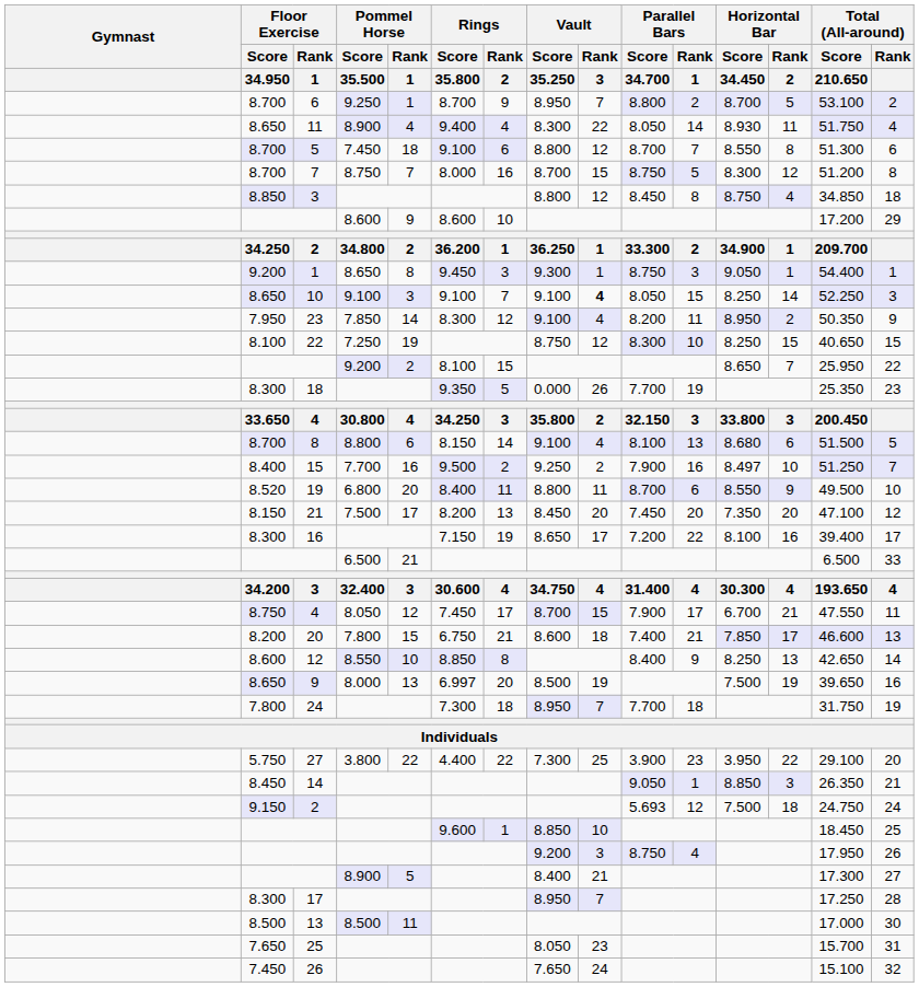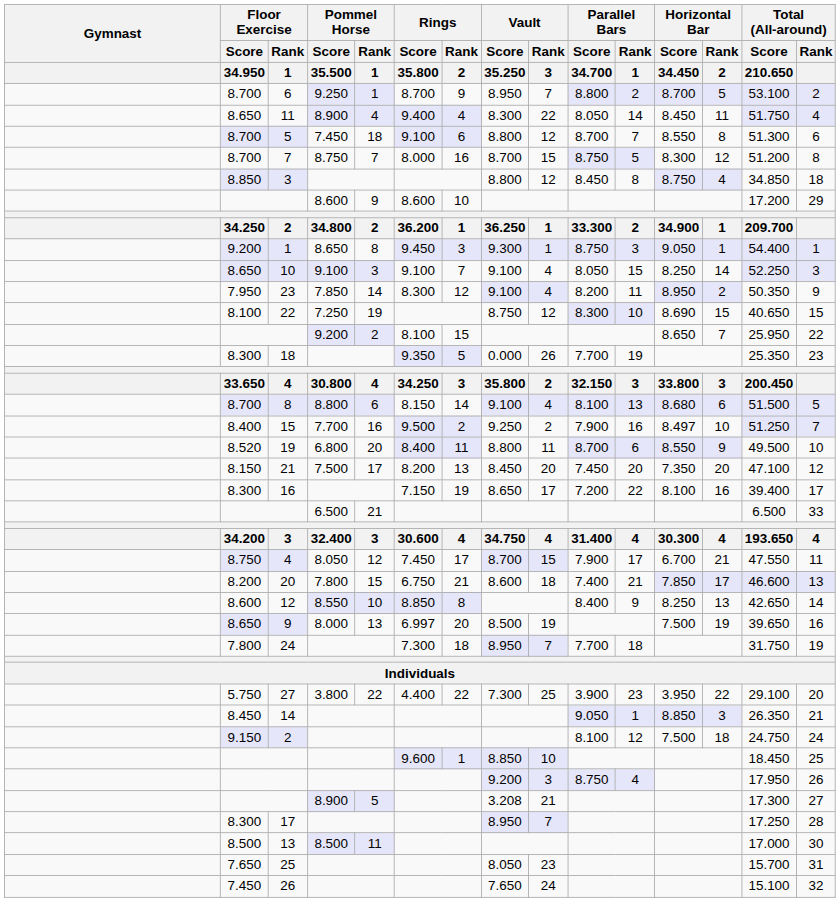 <table class="wikitable" style="text-align:center">
 <tr>
 <th width=250 rowspan=2>Gymnast</th>
 <th style="width:6em" colspan=2>Floor<br>Exercise</th>
 <th style="width:6em" colspan=2>Pommel<br>Horse</th>
 <th style="width:6em" colspan=2>Rings</th>
 <th style="width:6em" colspan=2>Vault</th>
 <th style="width:6em" colspan=2>Parallel<br>Bars</th>
 <th style="width:6em" colspan=2>Horizontal<br>Bar</th>
 <th style="width:6em" colspan=2>Total<br>(All-around)</th>
 </tr>
 <tr>
 <th>Score</th>
 <th>Rank</th>
 <th>Score</th>
 <th>Rank</th>
 <th>Score</th>
 <th>Rank</th>
 <th>Score</th>
 <th>Rank</th>
 <th>Score</th>
 <th>Rank</th>
 <th>Score</th>
 <th>Rank</th>
 <th>Score</th>
 <th>Rank</th>
 </tr>
 <tr>
 <th></th>
 <th>34.950</th>
 <th>1</th>
 <th>35.500</th>
 <th>1</th>
 <th>35.800</th>
 <th>2</th>
 <th>35.250</th>
 <th>3</th>
 <th>34.700</th>
 <th>1</th>
 <th>34.450</th>
 <th>2</th>
 <th>210.650</th>
 <th></th>
 </tr>
 <tr>
 <td align=left></td>
 <td>8.700</td>
 <td>6</td>
 <td bgcolor="lavender">9.250</td>
 <td bgcolor="lavender">1</td>
 <td>8.700</td>
 <td>9</td>
 <td>8.950</td>
 <td>7</td>
 <td bgcolor="lavender">8.800</td>
 <td bgcolor="lavender">2</td>
 <td bgcolor="lavender">8.700</td>
 <td bgcolor="lavender">5</td>
 <td bgcolor="lavender">53.100</td>
 <td bgcolor="lavender">2</td>
 </tr>
 <tr>
 <td align=left></td>
 <td>8.650</td>
 <td>11</td>
 <td bgcolor="lavender">8.900</td>
 <td bgcolor="lavender">4</td>
 <td bgcolor="lavender">9.400</td>
 <td bgcolor="lavender">4</td>
 <td>8.300</td>
 <td>22</td>
 <td>8.050</td>
 <td>14</td>
-<td>8.930</td>
+<td>8.450</td>
 <td>11</td>
 <td bgcolor="lavender">51.750</td>
 <td bgcolor="lavender">4</td>
 </tr>
 <tr>
 <td align=left></td>
 <td bgcolor="lavender">8.700</td>
 <td bgcolor="lavender">5</td>
 <td>7.450</td>
 <td>18</td>
 <td bgcolor="lavender">9.100</td>
 <td bgcolor="lavender">6</td>
 <td>8.800</td>
 <td>12</td>
 <td>8.700</td>
 <td>7</td>
 <td>8.550</td>
 <td>8</td>
 <td>51.300</td>
 <td>6</td>
 </tr>
 <tr>
 <td align=left></td>
 <td>8.700</td>
 <td>7</td>
 <td>8.750</td>
 <td>7</td>
 <td>8.000</td>
 <td>16</td>
 <td>8.700</td>
 <td>15</td>
 <td bgcolor="lavender">8.750</td>
 <td bgcolor="lavender">5</td>
 <td>8.300</td>
 <td>12</td>
 <td>51.200</td>
 <td>8</td>
 </tr>
 <tr>
 <td align=left></td>
 <td bgcolor="lavender">8.850</td>
 <td bgcolor="lavender">3</td>
 <td colspan=2> </td>
 <td colspan=2> </td>
 <td>8.800</td>
 <td>12</td>
 <td>8.450</td>
 <td>8</td>
 <td bgcolor="lavender">8.750</td>
 <td bgcolor="lavender">4</td>
 <td>34.850</td>
 <td>18</td>
 </tr>
 <tr>
 <td align=left></td>
 <td colspan=2> </td>
 <td>8.600</td>
 <td>9</td>
 <td>8.600</td>
 <td>10</td>
 <td colspan=2> </td>
 <td colspan=2> </td>
 <td colspan=2> </td>
 <td>17.200</td>
 <td>29</td>
 </tr>
 <tr>
 <th colspan=15></th>
 </tr>
 <tr>
 <th></th>
 <th>34.250</th>
 <th>2</th>
 <th>34.800</th>
 <th>2</th>
 <th>36.200</th>
 <th>1</th>
 <th>36.250</th>
 <th>1</th>
 <th>33.300</th>
 <th>2</th>
 <th>34.900</th>
 <th>1</th>
 <th>209.700</th>
 <th></th>
 </tr>
 <tr>
 <td align=left></td>
 <td bgcolor="lavender">9.200</td>
 <td bgcolor="lavender">1</td>
 <td>8.650</td>
 <td>8</td>
 <td bgcolor="lavender">9.450</td>
 <td bgcolor="lavender">3</td>
 <td bgcolor="lavender">9.300</td>
 <td bgcolor="lavender">1</td>
 <td bgcolor="lavender">8.750</td>
 <td bgcolor="lavender">3</td>
 <td bgcolor="lavender">9.050</td>
 <td bgcolor="lavender">1</td>
 <td bgcolor="lavender">54.400</td>
 <td bgcolor="lavender">1</td>
 </tr>
 <tr>
 <td align=left></td>
 <td bgcolor="lavender">8.650</td>
 <td bgcolor="lavender">10</td>
 <td bgcolor="lavender">9.100</td>
 <td bgcolor="lavender">3</td>
 <td>9.100</td>
 <td>7</td>
 <td>9.100</td>
-<td><strong>4</strong></td>
+<td>4</td>
 <td>8.050</td>
 <td>15</td>
 <td>8.250</td>
 <td>14</td>
 <td bgcolor="lavender">52.250</td>
 <td bgcolor="lavender">3</td>
 </tr>
 <tr>
 <td align=left></td>
 <td>7.950</td>
 <td>23</td>
 <td>7.850</td>
 <td>14</td>
 <td>8.300</td>
 <td>12</td>
 <td bgcolor="lavender">9.100</td>
 <td bgcolor="lavender">4</td>
 <td>8.200</td>
 <td>11</td>
 <td bgcolor="lavender">8.950</td>
 <td bgcolor="lavender">2</td>
 <td>50.350</td>
 <td>9</td>
 </tr>
 <tr>
 <td align=left></td>
 <td>8.100</td>
 <td>22</td>
 <td>7.250</td>
 <td>19</td>
 <td colspan=2> </td>
 <td>8.750</td>
 <td>12</td>
 <td bgcolor="lavender">8.300</td>
 <td bgcolor="lavender">10</td>
-<td>8.250</td>
+<td>8.690</td>
 <td>15</td>
 <td>40.650</td>
 <td>15</td>
 </tr>
 <tr>
 <td align=left></td>
 <td colspan=2> </td>
 <td bgcolor="lavender">9.200</td>
 <td bgcolor="lavender">2</td>
 <td>8.100</td>
 <td>15</td>
 <td colspan=2> </td>
 <td colspan=2> </td>
 <td>8.650</td>
 <td>7</td>
 <td>25.950</td>
 <td>22</td>
 </tr>
 <tr>
 <td align=left></td>
 <td>8.300</td>
 <td>18</td>
 <td colspan=2> </td>
 <td bgcolor="lavender">9.350</td>
 <td bgcolor="lavender">5</td>
 <td>0.000</td>
 <td>26</td>
 <td>7.700</td>
 <td>19</td>
 <td colspan=2> </td>
 <td>25.350</td>
 <td>23</td>
 </tr>
 <tr>
 <th colspan=15></th>
 </tr>
 <tr>
 <th></th>
 <th>33.650</th>
 <th>4</th>
 <th>30.800</th>
 <th>4</th>
 <th>34.250</th>
 <th>3</th>
 <th>35.800</th>
 <th>2</th>
 <th>32.150</th>
 <th>3</th>
 <th>33.800</th>
 <th>3</th>
 <th>200.450</th>
 <th></th>
 </tr>
 <tr>
 <td align=left></td>
 <td bgcolor="lavender">8.700</td>
 <td bgcolor="lavender">8</td>
 <td bgcolor="lavender">8.800</td>
 <td bgcolor="lavender">6</td>
 <td>8.150</td>
 <td>14</td>
 <td bgcolor="lavender">9.100</td>
 <td bgcolor="lavender">4</td>
 <td bgcolor="lavender">8.100</td>
 <td bgcolor="lavender">13</td>
 <td bgcolor="lavender">8.680</td>
 <td bgcolor="lavender">6</td>
 <td bgcolor="lavender">51.500</td>
 <td bgcolor="lavender">5</td>
 </tr>
 <tr>
 <td align=left></td>
 <td>8.400</td>
 <td>15</td>
 <td>7.700</td>
 <td>16</td>
 <td bgcolor="lavender">9.500</td>
 <td bgcolor="lavender">2</td>
 <td>9.250</td>
 <td>2</td>
 <td>7.900</td>
 <td>16</td>
 <td>8.497</td>
 <td>10</td>
 <td bgcolor="lavender">51.250</td>
 <td bgcolor="lavender">7</td>
 </tr>
 <tr>
 <td align=left></td>
 <td>8.520</td>
 <td>19</td>
 <td>6.800</td>
 <td>20</td>
 <td bgcolor="lavender">8.400</td>
 <td bgcolor="lavender">11</td>
 <td>8.800</td>
 <td>11</td>
 <td bgcolor="lavender">8.700</td>
 <td bgcolor="lavender">6</td>
 <td bgcolor="lavender">8.550</td>
 <td bgcolor="lavender">9</td>
 <td>49.500</td>
 <td>10</td>
 </tr>
 <tr>
 <td align=left></td>
 <td>8.150</td>
 <td>21</td>
 <td>7.500</td>
 <td>17</td>
 <td>8.200</td>
 <td>13</td>
 <td>8.450</td>
 <td>20</td>
 <td>7.450</td>
 <td>20</td>
 <td>7.350</td>
 <td>20</td>
 <td>47.100</td>
 <td>12</td>
 </tr>
 <tr>
 <td align=left></td>
 <td>8.300</td>
 <td>16</td>
 <td colspan=2> </td>
 <td>7.150</td>
 <td>19</td>
 <td>8.650</td>
 <td>17</td>
 <td>7.200</td>
 <td>22</td>
 <td>8.100</td>
 <td>16</td>
 <td>39.400</td>
 <td>17</td>
 </tr>
 <tr>
 <td align=left></td>
 <td colspan=2> </td>
 <td>6.500</td>
 <td>21</td>
 <td colspan=2> </td>
 <td colspan=2> </td>
 <td colspan=2> </td>
 <td colspan=2> </td>
 <td>6.500</td>
 <td>33</td>
 </tr>
 <tr>
 <th colspan=15></th>
 </tr>
 <tr>
 <th></th>
 <th>34.200</th>
 <th>3</th>
 <th>32.400</th>
 <th>3</th>
 <th>30.600</th>
 <th>4</th>
 <th>34.750</th>
 <th>4</th>
 <th>31.400</th>
 <th>4</th>
 <th>30.300</th>
 <th>4</th>
 <th>193.650</th>
 <th>4</th>
 </tr>
 <tr>
 <td align=left></td>
 <td bgcolor="lavender">8.750</td>
 <td bgcolor="lavender">4</td>
 <td>8.050</td>
 <td>12</td>
 <td>7.450</td>
 <td>17</td>
 <td bgcolor="lavender">8.700</td>
 <td bgcolor="lavender">15</td>
 <td>7.900</td>
 <td>17</td>
 <td>6.700</td>
 <td>21</td>
 <td>47.550</td>
 <td>11</td>
 </tr>
 <tr>
 <td align=left></td>
 <td>8.200</td>
 <td>20</td>
 <td>7.800</td>
 <td>15</td>
 <td>6.750</td>
 <td>21</td>
 <td>8.600</td>
 <td>18</td>
 <td>7.400</td>
 <td>21</td>
 <td bgcolor="lavender">7.850</td>
 <td bgcolor="lavender">17</td>
 <td bgcolor="lavender">46.600</td>
 <td bgcolor="lavender">13</td>
 </tr>
 <tr>
 <td align=left></td>
 <td>8.600</td>
 <td>12</td>
 <td bgcolor="lavender">8.550</td>
 <td bgcolor="lavender">10</td>
 <td bgcolor="lavender">8.850</td>
 <td bgcolor="lavender">8</td>
 <td colspan=2> </td>
 <td>8.400</td>
 <td>9</td>
 <td>8.250</td>
 <td>13</td>
 <td>42.650</td>
 <td>14</td>
 </tr>
 <tr>
 <td align=left></td>
 <td bgcolor="lavender">8.650</td>
 <td bgcolor="lavender">9</td>
 <td>8.000</td>
 <td>13</td>
 <td>6.997</td>
 <td>20</td>
 <td>8.500</td>
 <td>19</td>
 <td colspan=2> </td>
 <td>7.500</td>
 <td>19</td>
 <td>39.650</td>
 <td>16</td>
 </tr>
 <tr>
 <td align=left></td>
 <td>7.800</td>
 <td>24</td>
 <td colspan=2> </td>
 <td>7.300</td>
 <td>18</td>
 <td bgcolor="lavender">8.950</td>
 <td bgcolor="lavender">7</td>
 <td>7.700</td>
 <td>18</td>
 <td colspan=2> </td>
 <td>31.750</td>
 <td>19</td>
 </tr>
 <tr>
 <th colspan=15></th>
 </tr>
 <tr>
 <th colspan=15>Individuals</th>
 </tr>
 <tr>
 <td align=left></td>
 <td>5.750</td>
 <td>27</td>
 <td>3.800</td>
 <td>22</td>
 <td>4.400</td>
 <td>22</td>
 <td>7.300</td>
 <td>25</td>
 <td>3.900</td>
 <td>23</td>
 <td>3.950</td>
 <td>22</td>
 <td>29.100</td>
 <td>20</td>
 </tr>
 <tr>
 <td align=left></td>
 <td>8.450</td>
 <td>14</td>
 <td colspan=2> </td>
 <td colspan=2> </td>
 <td colspan=2> </td>
 <td bgcolor="lavender">9.050</td>
 <td bgcolor="lavender">1</td>
 <td bgcolor="lavender">8.850</td>
 <td bgcolor="lavender">3</td>
 <td>26.350</td>
 <td>21</td>
 </tr>
 <tr>
 <td align=left></td>
 <td bgcolor="lavender">9.150</td>
 <td bgcolor="lavender">2</td>
 <td colspan=2> </td>
 <td colspan=2> </td>
 <td colspan=2> </td>
-<td>5.693</td>
+<td>8.100</td>
 <td>12</td>
 <td>7.500</td>
 <td>18</td>
 <td>24.750</td>
 <td>24</td>
 </tr>
 <tr>
 <td align=left></td>
 <td colspan=2> </td>
 <td colspan=2> </td>
 <td bgcolor="lavender">9.600</td>
 <td bgcolor="lavender">1</td>
 <td bgcolor="lavender">8.850</td>
 <td bgcolor="lavender">10</td>
 <td colspan=2> </td>
 <td colspan=2> </td>
 <td>18.450</td>
 <td>25</td>
 </tr>
 <tr>
 <td align=left></td>
 <td colspan=2> </td>
 <td colspan=2> </td>
 <td colspan=2> </td>
 <td bgcolor="lavender">9.200</td>
 <td bgcolor="lavender">3</td>
 <td bgcolor="lavender">8.750</td>
 <td bgcolor="lavender">4</td>
 <td colspan=2> </td>
 <td>17.950</td>
 <td>26</td>
 </tr>
 <tr>
 <td align=left></td>
 <td colspan=2> </td>
 <td bgcolor="lavender">8.900</td>
 <td bgcolor="lavender">5</td>
 <td colspan=2> </td>
-<td>8.400</td>
+<td>3.208</td>
 <td>21</td>
 <td colspan=2> </td>
 <td colspan=2> </td>
 <td>17.300</td>
 <td>27</td>
 </tr>
 <tr>
 <td align=left></td>
 <td>8.300</td>
 <td>17</td>
 <td colspan=2> </td>
 <td colspan=2> </td>
 <td bgcolor="lavender">8.950</td>
 <td bgcolor="lavender">7</td>
 <td colspan=2> </td>
 <td colspan=2> </td>
 <td>17.250</td>
 <td>28</td>
 </tr>
 <tr>
 <td align=left></td>
 <td>8.500</td>
 <td>13</td>
 <td bgcolor="lavender">8.500</td>
 <td bgcolor="lavender">11</td>
 <td colspan=2> </td>
 <td colspan=2> </td>
 <td colspan=2> </td>
 <td colspan=2> </td>
 <td>17.000</td>
 <td>30</td>
 </tr>
 <tr>
 <td align=left></td>
 <td>7.650</td>
 <td>25</td>
 <td colspan=2> </td>
 <td colspan=2> </td>
 <td>8.050</td>
 <td>23</td>
 <td colspan=2> </td>
 <td colspan=2> </td>
 <td>15.700</td>
 <td>31</td>
 </tr>
 <tr>
 <td align=left></td>
 <td>7.450</td>
 <td>26</td>
 <td colspan=2> </td>
 <td colspan=2> </td>
 <td>7.650</td>
 <td>24</td>
 <td colspan=2> </td>
 <td colspan=2> </td>
 <td>15.100</td>
 <td>32</td>
 </tr>
 </table>
